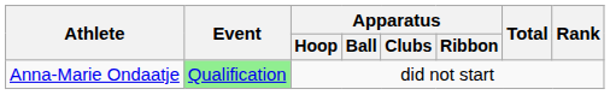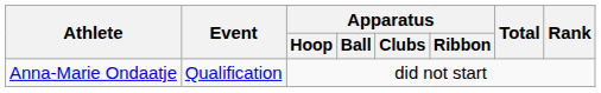 <table class=wikitable style="font-size:90%">
 <tr>
 <th rowspan=2>Athlete</th>
 <th rowspan=2>Event</th>
 <th colspan=4>Apparatus</th>
 <th rowspan=2>Total</th>
 <th rowspan=2>Rank</th>
 </tr>
 <tr style="font-size:95%;">
 <th>Hoop</th>
 <th>Ball</th>
 <th>Clubs</th>
 <th>Ribbon</th>
 </tr>
 <tr align=center>
 <td align=left><a href='#'>Anna-Marie Ondaatje</a></td>
-<td align=left style="background: lightgreen;"><a href='#'>Qualification</a></td>
+<td align=left><a href='#'>Qualification</a></td>
 <td colspan=6>did not start</td>
 </tr>
 </table>
